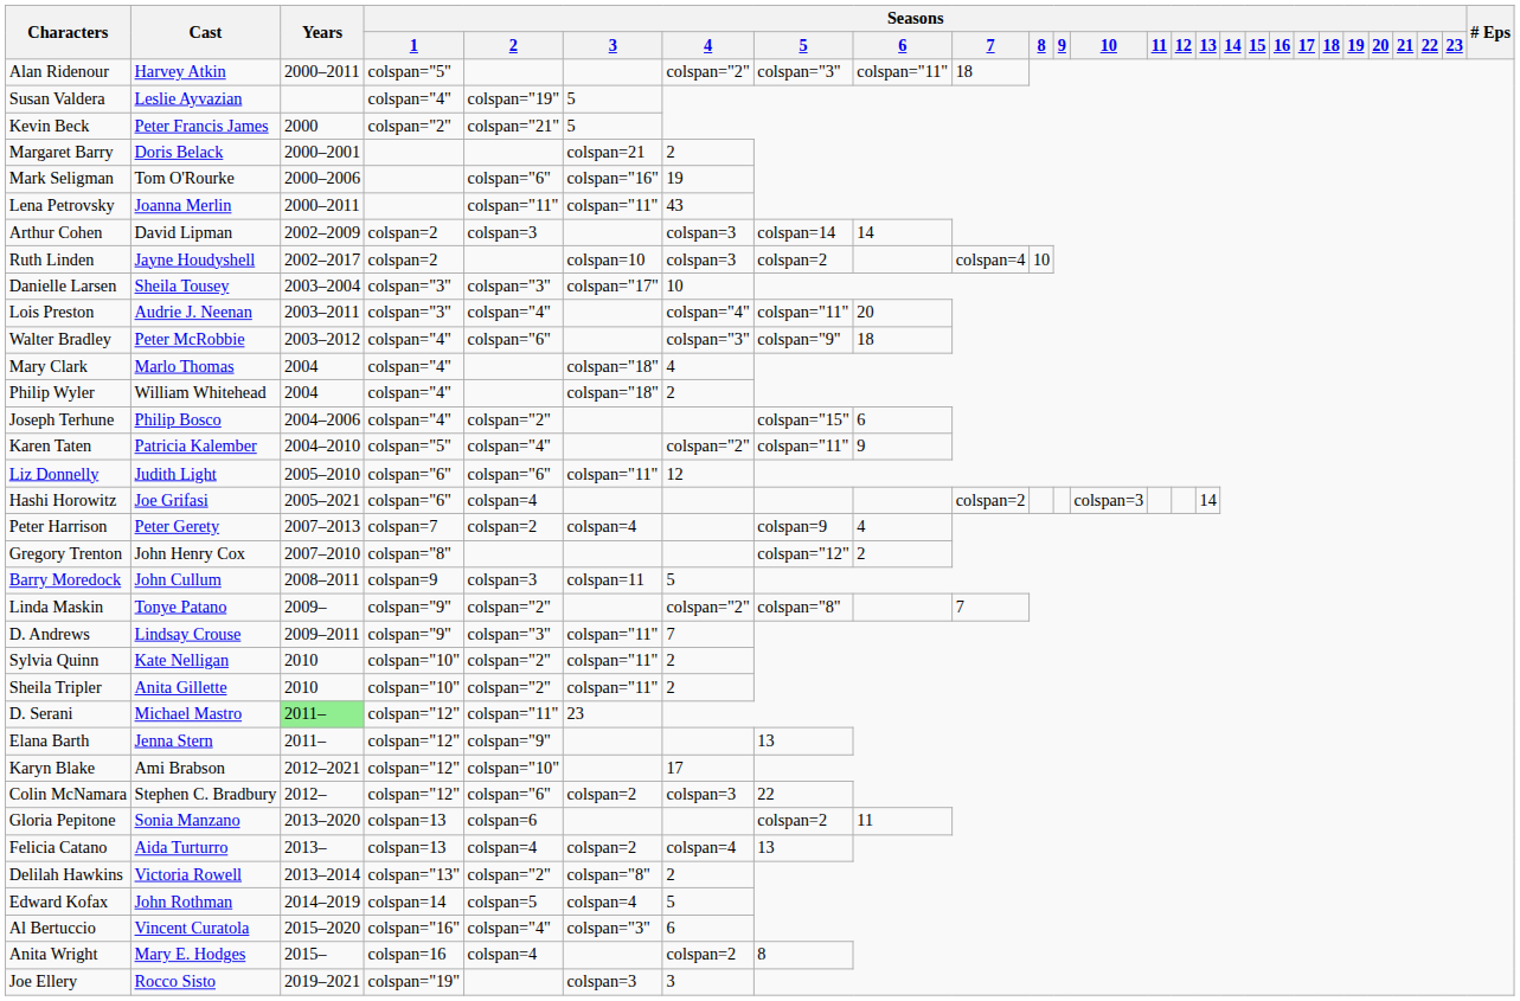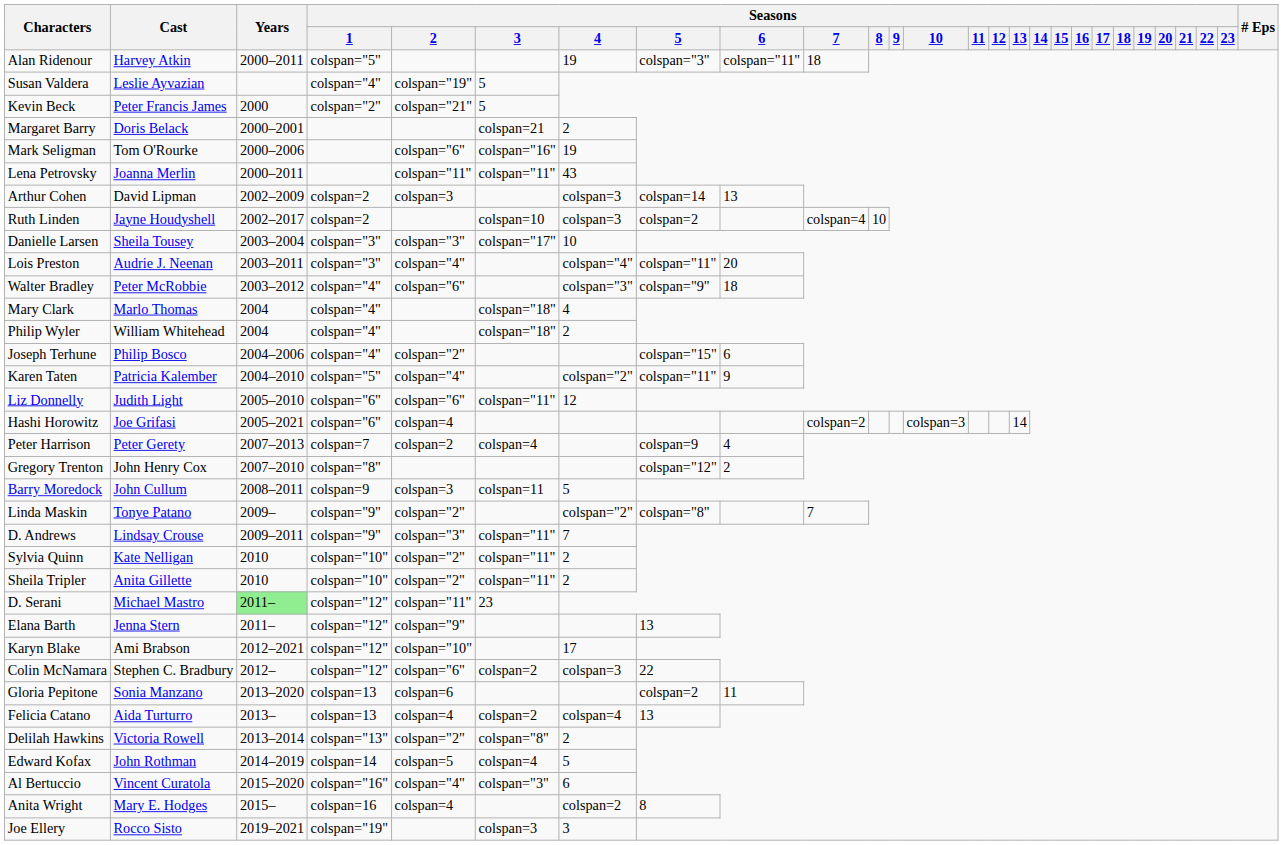 <table class="wikitable">
 <tr>
 <th rowspan="2">Characters</th>
 <th rowspan="2">Cast</th>
 <th rowspan="2">Years</th>
 <th colspan="23">Seasons</th>
 <th rowspan="2"># Eps</th>
 </tr>
 <tr>
 <th><a href='#'>1</a></th>
 <th><a href='#'>2</a></th>
 <th><a href='#'>3</a></th>
 <th><a href='#'>4</a></th>
 <th><a href='#'>5</a></th>
 <th><a href='#'>6</a></th>
 <th><a href='#'>7</a></th>
 <th><a href='#'>8</a></th>
 <th><a href='#'>9</a></th>
 <th><a href='#'>10</a></th>
 <th><a href='#'>11</a></th>
 <th><a href='#'>12</a></th>
 <th><a href='#'>13</a></th>
 <th><a href='#'>14</a></th>
 <th><a href='#'>15</a></th>
 <th><a href='#'>16</a></th>
 <th><a href='#'>17</a></th>
 <th><a href='#'>18</a></th>
 <th><a href='#'>19</a></th>
 <th><a href='#'>20</a></th>
 <th><a href='#'>21</a></th>
 <th><a href='#'>22</a></th>
 <th><a href='#'>23</a></th>
 </tr>
 <tr>
 <td>Alan Ridenour</td>
 <td><a href='#'>Harvey Atkin</a></td>
 <td>2000–2011</td>
 <td>colspan="5" </td>
 <td></td>
 <td></td>
-<td>colspan="2" </td>
+<td>19</td>
 <td>colspan="3" </td>
 <td>colspan="11" </td>
 <td>18</td>
 </tr>
 <tr>
 <td>Susan Valdera</td>
 <td><a href='#'>Leslie Ayvazian</a></td>
 <td></td>
 <td>colspan="4" </td>
 <td>colspan="19" </td>
 <td>5</td>
 </tr>
 <tr>
 <td>Kevin Beck</td>
 <td><a href='#'>Peter Francis James</a></td>
 <td>2000</td>
 <td>colspan="2" </td>
 <td>colspan="21" </td>
 <td>5</td>
 </tr>
 <tr>
 <td>Margaret Barry</td>
 <td><a href='#'>Doris Belack</a></td>
 <td>2000–2001</td>
 <td></td>
 <td></td>
 <td>colspan=21 </td>
 <td>2</td>
 </tr>
 <tr>
 <td>Mark Seligman</td>
 <td>Tom O'Rourke</td>
 <td>2000–2006</td>
 <td></td>
 <td>colspan="6" </td>
 <td>colspan="16" </td>
 <td>19</td>
 </tr>
 <tr>
 <td>Lena Petrovsky</td>
 <td><a href='#'>Joanna Merlin</a></td>
 <td>2000–2011</td>
 <td></td>
 <td>colspan="11" </td>
 <td>colspan="11" </td>
 <td>43</td>
 </tr>
 <tr>
 <td>Arthur Cohen</td>
 <td>David Lipman</td>
 <td>2002–2009</td>
 <td>colspan=2 </td>
 <td>colspan=3 </td>
 <td></td>
 <td>colspan=3 </td>
 <td>colspan=14 </td>
-<td>14</td>
+<td>13</td>
 </tr>
 <tr>
 <td>Ruth Linden</td>
 <td><a href='#'>Jayne Houdyshell</a></td>
 <td>2002–2017</td>
 <td>colspan=2 </td>
 <td></td>
 <td>colspan=10 </td>
 <td>colspan=3 </td>
 <td>colspan=2 </td>
 <td></td>
 <td>colspan=4 </td>
 <td>10</td>
 </tr>
 <tr>
 <td>Danielle Larsen</td>
 <td><a href='#'>Sheila Tousey</a></td>
 <td>2003–2004</td>
 <td>colspan="3" </td>
 <td>colspan="3" </td>
 <td>colspan="17" </td>
 <td>10</td>
 </tr>
 <tr>
 <td>Lois Preston</td>
 <td><a href='#'>Audrie J. Neenan</a></td>
 <td>2003–2011</td>
 <td>colspan="3" </td>
 <td>colspan="4" </td>
 <td></td>
 <td>colspan="4" </td>
 <td>colspan="11" </td>
 <td>20</td>
 </tr>
 <tr>
 <td>Walter Bradley</td>
 <td><a href='#'>Peter McRobbie</a></td>
 <td>2003–2012</td>
 <td>colspan="4" </td>
 <td>colspan="6" </td>
 <td></td>
 <td>colspan="3" </td>
 <td>colspan="9" </td>
 <td>18</td>
 </tr>
 <tr>
 <td>Mary Clark</td>
 <td><a href='#'>Marlo Thomas</a></td>
 <td>2004</td>
 <td>colspan="4" </td>
 <td></td>
 <td>colspan="18" </td>
 <td>4</td>
 </tr>
 <tr>
 <td>Philip Wyler</td>
 <td>William Whitehead</td>
 <td>2004</td>
 <td>colspan="4" </td>
 <td></td>
 <td>colspan="18" </td>
 <td>2</td>
 </tr>
 <tr>
 <td>Joseph Terhune</td>
 <td><a href='#'>Philip Bosco</a></td>
 <td>2004–2006</td>
 <td>colspan="4" </td>
 <td>colspan="2" </td>
 <td></td>
 <td></td>
 <td>colspan="15" </td>
 <td>6</td>
 </tr>
 <tr>
 <td>Karen Taten</td>
 <td><a href='#'>Patricia Kalember</a></td>
 <td>2004–2010</td>
 <td>colspan="5" </td>
 <td>colspan="4" </td>
 <td></td>
 <td>colspan="2" </td>
 <td>colspan="11" </td>
 <td>9</td>
 </tr>
 <tr>
 <td><a href='#'>Liz Donnelly</a></td>
 <td><a href='#'>Judith Light</a></td>
 <td>2005–2010</td>
 <td>colspan="6" </td>
 <td>colspan="6" </td>
 <td>colspan="11" </td>
 <td>12</td>
 </tr>
 <tr>
 <td>Hashi Horowitz</td>
 <td><a href='#'>Joe Grifasi</a></td>
 <td>2005–2021</td>
 <td>colspan="6" </td>
 <td>colspan=4 </td>
 <td></td>
 <td></td>
 <td></td>
 <td></td>
 <td>colspan=2 </td>
 <td></td>
 <td></td>
 <td>colspan=3 </td>
 <td></td>
 <td></td>
 <td>14</td>
 </tr>
 <tr>
 <td>Peter Harrison</td>
 <td><a href='#'>Peter Gerety</a></td>
 <td>2007–2013</td>
 <td>colspan=7 </td>
 <td>colspan=2 </td>
 <td>colspan=4 </td>
 <td></td>
 <td>colspan=9 </td>
 <td>4</td>
 </tr>
 <tr>
 <td>Gregory Trenton</td>
 <td>John Henry Cox</td>
 <td>2007–2010</td>
 <td>colspan="8" </td>
 <td></td>
 <td></td>
 <td></td>
 <td>colspan="12" </td>
 <td>2</td>
 </tr>
 <tr>
 <td><a href='#'>Barry Moredock</a></td>
 <td><a href='#'>John Cullum</a></td>
 <td>2008–2011</td>
 <td>colspan=9 </td>
 <td>colspan=3 </td>
 <td>colspan=11 </td>
 <td>5</td>
 </tr>
 <tr>
 <td>Linda Maskin</td>
 <td><a href='#'>Tonye Patano</a></td>
 <td>2009–</td>
 <td>colspan="9" </td>
 <td>colspan="2" </td>
 <td></td>
 <td>colspan="2" </td>
 <td>colspan="8" </td>
 <td></td>
 <td>7</td>
 </tr>
 <tr>
 <td>D. Andrews</td>
 <td><a href='#'>Lindsay Crouse</a></td>
 <td>2009–2011</td>
 <td>colspan="9" </td>
 <td>colspan="3" </td>
 <td>colspan="11" </td>
 <td>7</td>
 </tr>
 <tr>
 <td>Sylvia Quinn</td>
 <td><a href='#'>Kate Nelligan</a></td>
 <td>2010</td>
 <td>colspan="10" </td>
 <td>colspan="2" </td>
 <td>colspan="11" </td>
 <td>2</td>
 </tr>
 <tr>
 <td>Sheila Tripler</td>
 <td><a href='#'>Anita Gillette</a></td>
 <td>2010</td>
 <td>colspan="10" </td>
 <td>colspan="2" </td>
 <td>colspan="11" </td>
 <td>2</td>
 </tr>
 <tr>
 <td>D. Serani</td>
 <td><a href='#'>Michael Mastro</a></td>
 <td style="background: lightgreen;">2011–</td>
 <td>colspan="12" </td>
 <td>colspan="11" </td>
 <td>23</td>
 </tr>
 <tr>
 <td>Elana Barth</td>
 <td><a href='#'>Jenna Stern</a></td>
 <td>2011–</td>
 <td>colspan="12" </td>
 <td>colspan="9" </td>
 <td></td>
 <td></td>
 <td>13</td>
 </tr>
 <tr>
 <td>Karyn Blake</td>
 <td>Ami Brabson</td>
 <td>2012–2021</td>
 <td>colspan="12" </td>
 <td>colspan="10" </td>
 <td></td>
 <td>17</td>
 </tr>
 <tr>
 <td>Colin McNamara</td>
 <td>Stephen C. Bradbury</td>
 <td>2012–</td>
 <td>colspan="12" </td>
 <td>colspan="6" </td>
 <td>colspan=2 </td>
 <td>colspan=3 </td>
 <td>22</td>
 </tr>
 <tr>
 <td>Gloria Pepitone</td>
 <td><a href='#'>Sonia Manzano</a></td>
 <td>2013–2020</td>
 <td>colspan=13 </td>
 <td>colspan=6 </td>
 <td></td>
 <td></td>
 <td>colspan=2 </td>
 <td>11</td>
 </tr>
 <tr>
 <td>Felicia Catano</td>
 <td><a href='#'>Aida Turturro</a></td>
 <td>2013–</td>
 <td>colspan=13 </td>
 <td>colspan=4 </td>
 <td>colspan=2 </td>
 <td>colspan=4 </td>
 <td>13</td>
 </tr>
 <tr>
 <td>Delilah Hawkins</td>
 <td><a href='#'>Victoria Rowell</a></td>
 <td>2013–2014</td>
 <td>colspan="13" </td>
 <td>colspan="2" </td>
 <td>colspan="8" </td>
 <td>2</td>
 </tr>
 <tr>
 <td>Edward Kofax</td>
 <td><a href='#'>John Rothman</a></td>
 <td>2014–2019</td>
 <td>colspan=14 </td>
 <td>colspan=5 </td>
 <td>colspan=4 </td>
 <td>5</td>
 </tr>
 <tr>
 <td>Al Bertuccio</td>
 <td><a href='#'>Vincent Curatola</a></td>
 <td>2015–2020</td>
 <td>colspan="16" </td>
 <td>colspan="4" </td>
 <td>colspan="3" </td>
 <td>6</td>
 </tr>
 <tr>
 <td>Anita Wright</td>
 <td><a href='#'>Mary E. Hodges</a></td>
 <td>2015–</td>
 <td>colspan=16 </td>
 <td>colspan=4 </td>
 <td></td>
 <td>colspan=2 </td>
 <td>8</td>
 </tr>
 <tr>
 <td>Joe Ellery</td>
 <td><a href='#'>Rocco Sisto</a></td>
 <td>2019–2021</td>
 <td>colspan="19" </td>
 <td></td>
 <td>colspan=3 </td>
 <td>3</td>
 </tr>
 </table>
